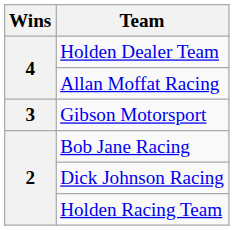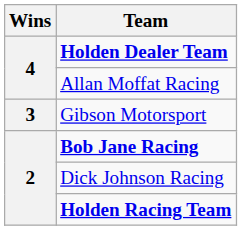 <table class="wikitable" style="font-size: 95%;">
 <tr>
 <th>Wins</th>
 <th>Team</th>
 </tr>
 <tr>
 <th rowspan="2">4</th>
-<td><a href='#'>Holden Dealer Team</a></td>
+<td><strong><a href='#'>Holden Dealer Team</a></strong></td>
 </tr>
 <tr>
 <td><a href='#'>Allan Moffat Racing</a></td>
 </tr>
 <tr>
 <th>3</th>
 <td><a href='#'>Gibson Motorsport</a></td>
 </tr>
 <tr>
 <th rowspan="3">2</th>
-<td><a href='#'>Bob Jane Racing</a></td>
+<td><strong><a href='#'>Bob Jane Racing</a></strong></td>
 </tr>
 <tr>
 <td><a href='#'>Dick Johnson Racing</a></td>
 </tr>
 <tr>
-<td><a href='#'>Holden Racing Team</a></td>
+<td><strong><a href='#'>Holden Racing Team</a></strong></td>
 </tr>
 </table>
